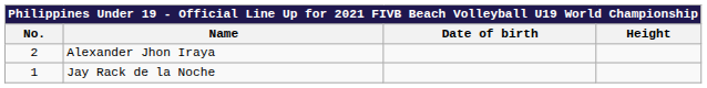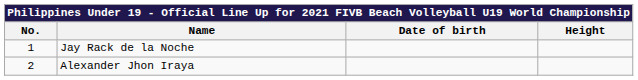 <table class="wikitable sortable" style="font-size:85%; text-align:left;">
 <tr>
 <th colspan=4 style="background:#1F174E; color:#FFFFFF;">Philippines Under 19 - Official Line Up for 2021 FIVB Beach Volleyball U19 World Championship</th>
 </tr>
 <tr>
 <th style= align=center "background:navy; color:white;">No.</th>
 <th style= align=center "width:15em; background:navy; color:white;">Name</th>
 <th style= align=center "background:navy; color:white;">Date of birth</th>
 <th style= align=center "width:10em; background:navy; color:white;">Height</th>
 </tr>
 <tr align=center>
+<td>1</td>
+<td align=left>Jay Rack de la Noche</td>
+<td align=right></td>
+<td></td>
+</tr>
+<tr align=center>
 <td>2</td>
 <td align=left>Alexander Jhon Iraya</td>
 <td align=right></td>
 <td></td>
 </tr>
-<tr align=center>
-<td>1</td>
-<td align=left>Jay Rack de la Noche</td>
-<td align=right></td>
-<td></td>
-</tr>
 </table>
